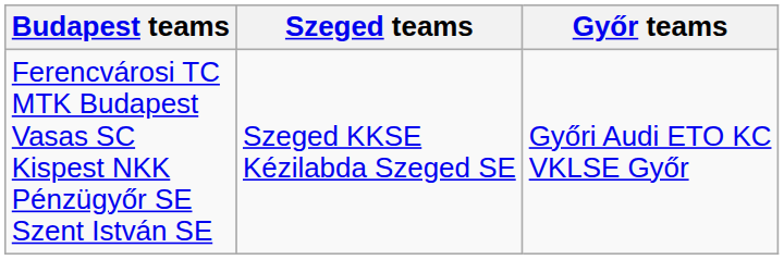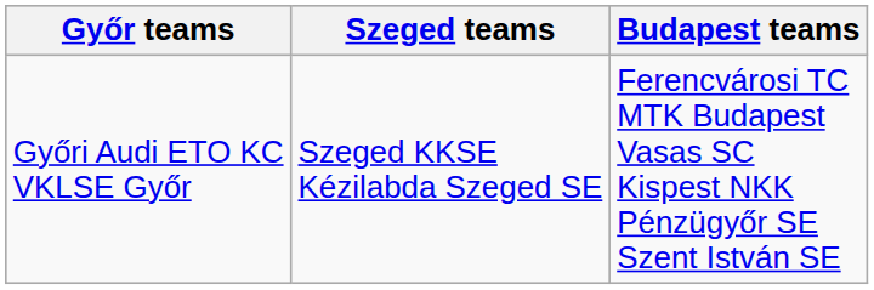 <table class="wikitable">
 <tr>
+<th><a href='#'>Győr</a> teams</th>
+<th><a href='#'>Szeged</a> teams</th>
 <th><a href='#'>Budapest</a> teams</th>
-<th><a href='#'>Szeged</a> teams</th>
-<th><a href='#'>Győr</a> teams</th>
 </tr>
 <tr>
+<td><a href='#'>Győri Audi ETO KC</a><br><a href='#'>VKLSE Győr</a></td>
+<td><a href='#'>Szeged KKSE</a><br><a href='#'>Kézilabda Szeged SE</a></td>
 <td><a href='#'>Ferencvárosi TC</a><br><a href='#'>MTK Budapest</a><br><a href='#'>Vasas SC</a><br><a href='#'>Kispest NKK</a><br><a href='#'>Pénzügyőr SE</a><br><a href='#'>Szent István SE</a></td>
-<td><a href='#'>Szeged KKSE</a><br><a href='#'>Kézilabda Szeged SE</a></td>
-<td><a href='#'>Győri Audi ETO KC</a><br><a href='#'>VKLSE Győr</a></td>
 </tr>
 </table>
